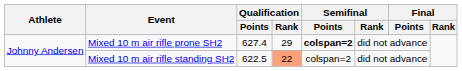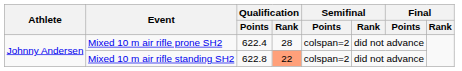 <table class="wikitable" style="font-size:90%">
 <tr>
 <th rowspan="2">Athlete</th>
 <th rowspan="2">Event</th>
 <th colspan=2>Qualification</th>
 <th colspan=2>Semifinal</th>
 <th colspan=2>Final</th>
 </tr>
 <tr style="font-size:95%">
 <th>Points</th>
 <th>Rank</th>
 <th>Points</th>
 <th>Rank</th>
 <th>Points</th>
 <th>Rank</th>
 </tr>
 <tr align=center>
 <td align=left rowspan=2><a href='#'>Johnny Andersen</a></td>
 <td align=left><a href='#'>Mixed 10 m air rifle prone SH2</a></td>
-<td>627.4</td>
-<td>29</td>
-<td><strong>colspan=2 </strong></td>
+<td>622.4</td>
+<td>28</td>
+<td>colspan=2 </td>
 <td colspan=2>did not advance</td>
 </tr>
 <tr align=center>
 <td align=left><a href='#'>Mixed 10 m air rifle standing SH2</a></td>
-<td>622.5</td>
+<td>622.8</td>
 <td style="background: lightsalmon;">22</td>
 <td>colspan=2 </td>
 <td colspan=2>did not advance</td>
 </tr>
 </table>
